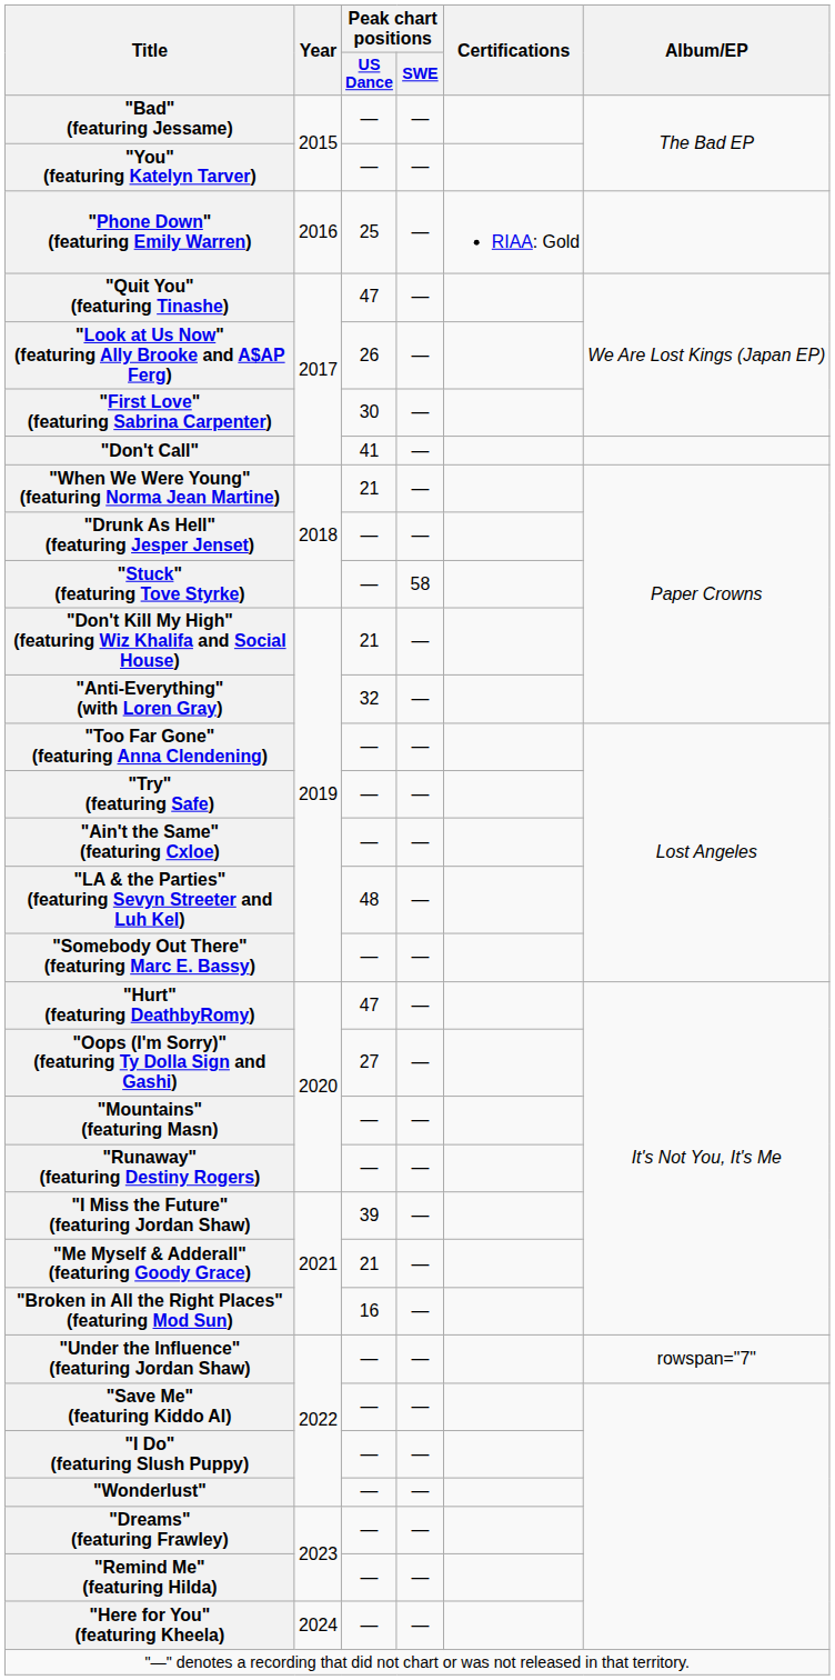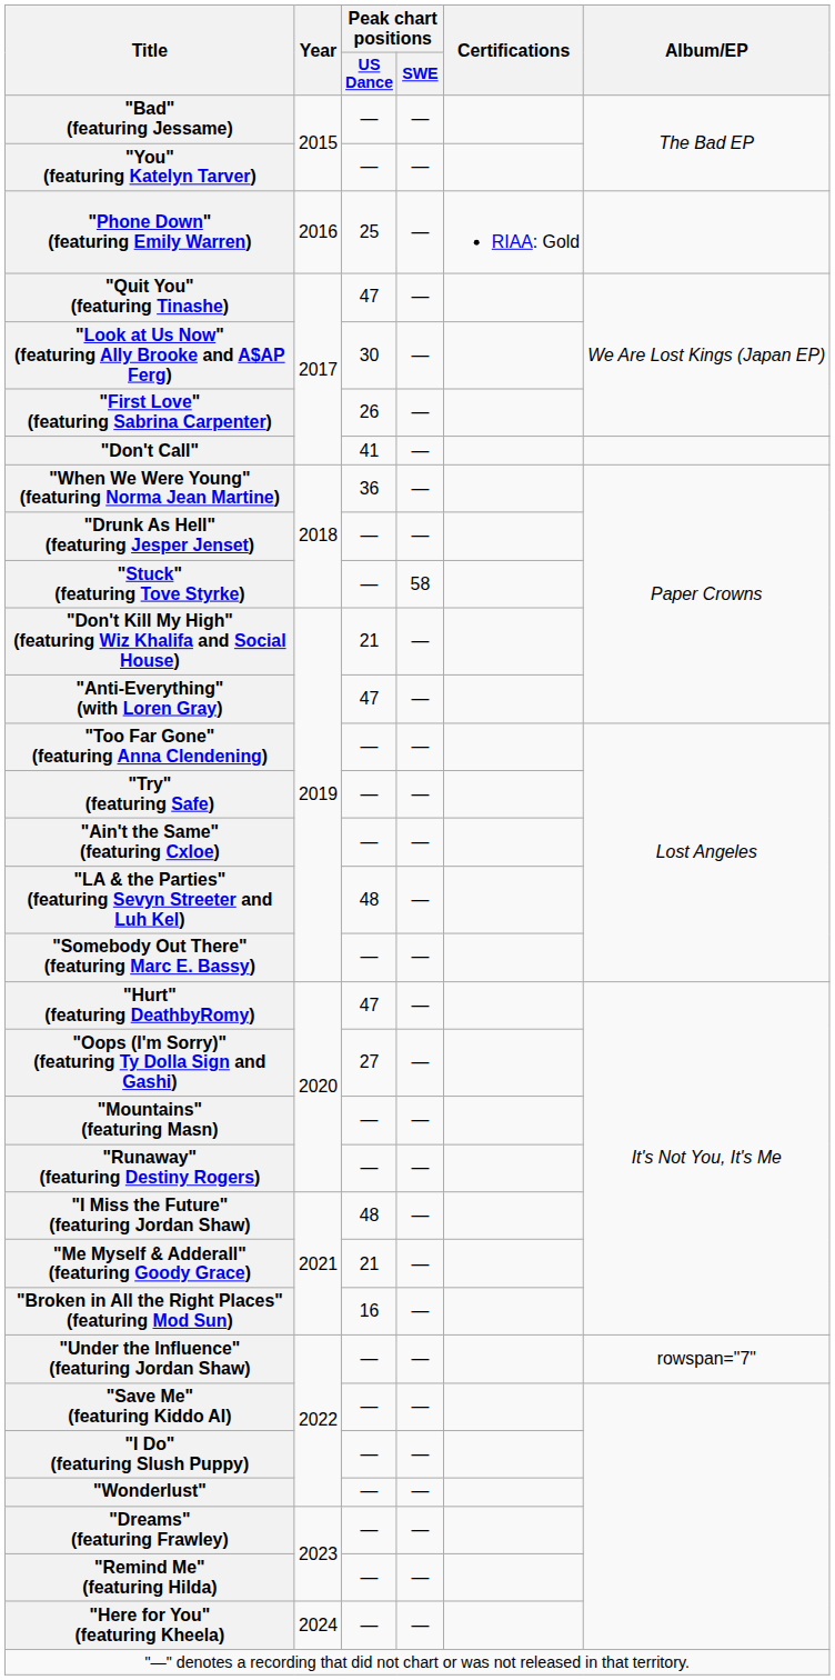 <table class="wikitable plainrowheaders" style="text-align:center;">
 <tr>
 <th scope="col" rowspan="2" style="width:16em;">Title</th>
 <th scope="col" rowspan="2">Year</th>
 <th scope="col" colspan="2">Peak chart positions</th>
 <th scope="col" rowspan="2">Certifications</th>
 <th scope="col" rowspan="2">Album/EP</th>
 </tr>
 <tr>
 <th scope="col" style="width:2.5em;font-size:90%;"><a href='#'>US<br>Dance</a><br></th>
 <th scope="col" style="width:2.5em;font-size:90%;"><a href='#'>SWE</a><br></th>
 </tr>
 <tr>
 <th scope="row">"Bad"<br><span>(featuring Jessame)</span></th>
 <td rowspan="2">2015</td>
 <td>—</td>
 <td>—</td>
 <td></td>
 <td rowspan="2"><em>The Bad EP</em></td>
 </tr>
 <tr>
 <th scope="row">"You"<br><span>(featuring <a href='#'>Katelyn Tarver</a>)</span></th>
 <td>—</td>
 <td>—</td>
 <td></td>
 </tr>
 <tr>
 <th scope="row">"<a href='#'>Phone Down</a>"<br><span>(featuring <a href='#'>Emily Warren</a>)</span></th>
 <td>2016</td>
 <td>25</td>
 <td>—</td>
 <td><br><ul><li><a href='#'>RIAA</a>: Gold</li></ul></td>
 <td></td>
 </tr>
 <tr>
 <th scope="row">"Quit You"<br><span>(featuring <a href='#'>Tinashe</a>)</span></th>
 <td rowspan="4">2017</td>
 <td>47</td>
 <td>—</td>
 <td></td>
 <td rowspan="3"><em>We Are Lost Kings (Japan EP)</em></td>
 </tr>
 <tr>
 <th scope="row">"<a href='#'>Look at Us Now</a>"<br><span>(featuring <a href='#'>Ally Brooke</a> and <a href='#'>A$AP Ferg</a>)</span></th>
-<td>26</td>
+<td>30</td>
 <td>—</td>
 <td></td>
 </tr>
 <tr>
 <th scope="row">"<a href='#'>First Love</a>"<br><span>(featuring <a href='#'>Sabrina Carpenter</a>)</span></th>
-<td>30</td>
+<td>26</td>
 <td>—</td>
 <td></td>
 </tr>
 <tr>
 <th scope="row">"Don't Call"</th>
 <td>41</td>
 <td>—</td>
 <td></td>
 <td></td>
 </tr>
 <tr>
 <th scope="row">"When We Were Young" <br><span>(featuring <a href='#'>Norma Jean Martine</a>)</span></th>
 <td rowspan="3">2018</td>
-<td>21</td>
+<td>36</td>
 <td>—</td>
 <td></td>
 <td rowspan="5"><em>Paper Crowns</em></td>
 </tr>
 <tr>
 <th scope="row">"Drunk As Hell" <br><span>(featuring <a href='#'>Jesper Jenset</a>)</span></th>
 <td>—</td>
 <td>—</td>
 <td></td>
 </tr>
 <tr>
 <th scope="row">"<a href='#'>Stuck</a>" <br><span>(featuring <a href='#'>Tove Styrke</a>)</span></th>
 <td>—</td>
 <td>58</td>
 <td></td>
 </tr>
 <tr>
 <th scope="row">"Don't Kill My High" <br><span>(featuring <a href='#'>Wiz Khalifa</a> and <a href='#'>Social House</a>)</span></th>
 <td rowspan="7">2019</td>
 <td>21</td>
 <td>—</td>
 <td></td>
 </tr>
 <tr>
 <th scope="row">"Anti-Everything" <br><span>(with <a href='#'>Loren Gray</a>)</span></th>
-<td>32</td>
+<td>47</td>
 <td>—</td>
 <td></td>
 </tr>
 <tr>
 <th scope="row">"Too Far Gone" <br><span>(featuring <a href='#'>Anna Clendening</a>)</span></th>
 <td>—</td>
 <td>—</td>
 <td></td>
 <td rowspan="5"><em>Lost Angeles</em></td>
 </tr>
 <tr>
 <th scope="row">"Try" <br><span>(featuring <a href='#'>Safe</a>)</span></th>
 <td>—</td>
 <td>—</td>
 <td></td>
 </tr>
 <tr>
 <th scope="row">"Ain't the Same" <br><span>(featuring <a href='#'>Cxloe</a>)</span></th>
 <td>—</td>
 <td>—</td>
 <td></td>
 </tr>
 <tr>
 <th scope="row">"LA & the Parties" <br><span>(featuring <a href='#'>Sevyn Streeter</a> and <a href='#'>Luh Kel</a>)</span></th>
 <td>48</td>
 <td>—</td>
 <td></td>
 </tr>
 <tr>
 <th scope="row">"Somebody Out There" <br><span>(featuring <a href='#'>Marc E. Bassy</a>)</span></th>
 <td>—</td>
 <td>—</td>
 <td></td>
 </tr>
 <tr>
 <th scope="row">"Hurt" <br><span>(featuring <a href='#'>DeathbyRomy</a>)</span></th>
 <td rowspan="4">2020</td>
 <td>47</td>
 <td>—</td>
 <td></td>
 <td rowspan="7"><em>It's Not You, It's Me</em></td>
 </tr>
 <tr>
 <th scope="row">"Oops (I'm Sorry)" <br><span>(featuring <a href='#'>Ty Dolla Sign</a> and <a href='#'>Gashi</a>)</span></th>
 <td>27</td>
 <td>—</td>
 <td></td>
 </tr>
 <tr>
 <th scope="row">"Mountains" <br><span>(featuring Masn)</span></th>
 <td>—</td>
 <td>—</td>
 <td></td>
 </tr>
 <tr>
 <th scope="row">"Runaway" <br><span>(featuring <a href='#'>Destiny Rogers</a>)</span></th>
 <td>—</td>
 <td>—</td>
 <td></td>
 </tr>
 <tr>
 <th scope="row">"I Miss the Future"<br><span>(featuring Jordan Shaw)</span></th>
 <td rowspan="3">2021</td>
-<td>39</td>
+<td>48</td>
 <td>—</td>
 <td></td>
 </tr>
 <tr>
 <th scope="row">"Me Myself & Adderall" <br><span>(featuring <a href='#'>Goody Grace</a>)</span></th>
 <td>21</td>
 <td>—</td>
 <td></td>
 </tr>
 <tr>
 <th scope="row">"Broken in All the Right Places" <br><span>(featuring <a href='#'>Mod Sun</a>)</span></th>
 <td>16</td>
 <td>—</td>
 <td></td>
 </tr>
 <tr>
 <th scope="row">"Under the Influence" <br><span>(featuring Jordan Shaw)</span></th>
 <td rowspan="4">2022</td>
 <td>—</td>
 <td>—</td>
 <td></td>
 <td>rowspan="7" </td>
 </tr>
 <tr>
 <th scope="row">"Save Me" <br><span>(featuring Kiddo AI)</span></th>
 <td>—</td>
 <td>—</td>
 <td></td>
 </tr>
 <tr>
 <th scope="row">"I Do" <br><span>(featuring Slush Puppy)</span></th>
 <td>—</td>
 <td>—</td>
 <td></td>
 </tr>
 <tr>
 <th scope="row">"Wonderlust"</th>
 <td>—</td>
 <td>—</td>
 <td></td>
 </tr>
 <tr>
 <th scope="row">"Dreams"<br><span>(featuring Frawley)</span></th>
 <td rowspan="2">2023</td>
 <td>—</td>
 <td>—</td>
 <td></td>
 </tr>
 <tr>
 <th scope="row">"Remind Me" <br><span>(featuring Hilda)</span></th>
 <td>—</td>
 <td>—</td>
 <td></td>
 </tr>
 <tr>
 <th scope="row">"Here for You" <br><span>(featuring Kheela)</span></th>
 <td>2024</td>
 <td>—</td>
 <td>—</td>
 <td></td>
 </tr>
 <tr>
 <td colspan="6" style="font-size:90%">"—" denotes a recording that did not chart or was not released in that territory.</td>
 </tr>
 </table>
